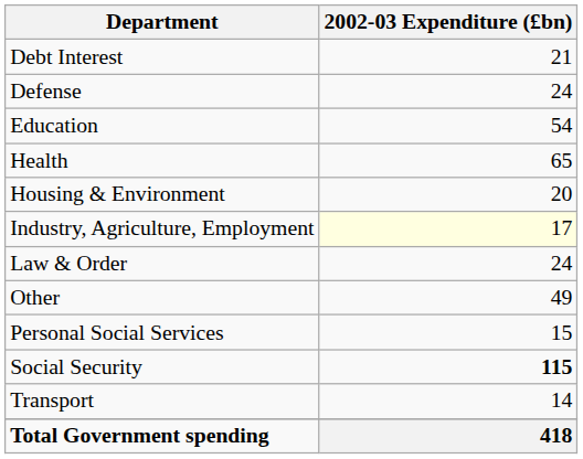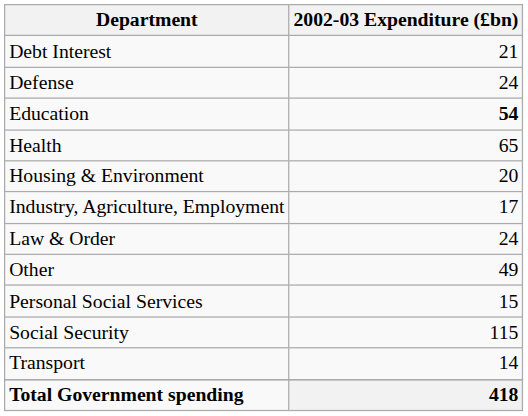 <table class="wikitable sortable">
 <tr>
 <th>Department</th>
 <th style="text-align: right">2002-03 Expenditure (£bn)</th>
 </tr>
 <tr>
 <td>Debt Interest</td>
 <td style="text-align: right">21</td>
 </tr>
 <tr>
 <td>Defense</td>
 <td style="text-align: right">24</td>
 </tr>
 <tr>
 <td>Education</td>
-<td style="text-align: right">54</td>
+<td style="text-align: right"><strong>54</strong></td>
 </tr>
 <tr>
 <td>Health</td>
 <td style="text-align: right">65</td>
 </tr>
 <tr>
 <td>Housing & Environment</td>
 <td style="text-align: right">20</td>
 </tr>
 <tr>
 <td>Industry, Agriculture,  Employment</td>
-<td style="background: lightyellow; text-align: right">17</td>
+<td style="text-align: right">17</td>
 </tr>
 <tr>
 <td>Law & Order</td>
 <td style="text-align: right">24</td>
 </tr>
 <tr>
 <td>Other</td>
 <td style="text-align: right">49</td>
 </tr>
 <tr>
 <td>Personal Social Services</td>
 <td style="text-align: right">15</td>
 </tr>
 <tr>
 <td>Social Security</td>
-<td style="text-align: right"><strong>115</strong></td>
+<td style="text-align: right">115</td>
 </tr>
 <tr>
 <td>Transport</td>
 <td style="text-align: right">14</td>
 </tr>
 <tr>
 </tr>
 <tr class="sortbottom">
 <td style="text-align: left"><strong>Total Government spending</strong></td>
 <th style="text-align: right">418</th>
 </tr>
 </table>
